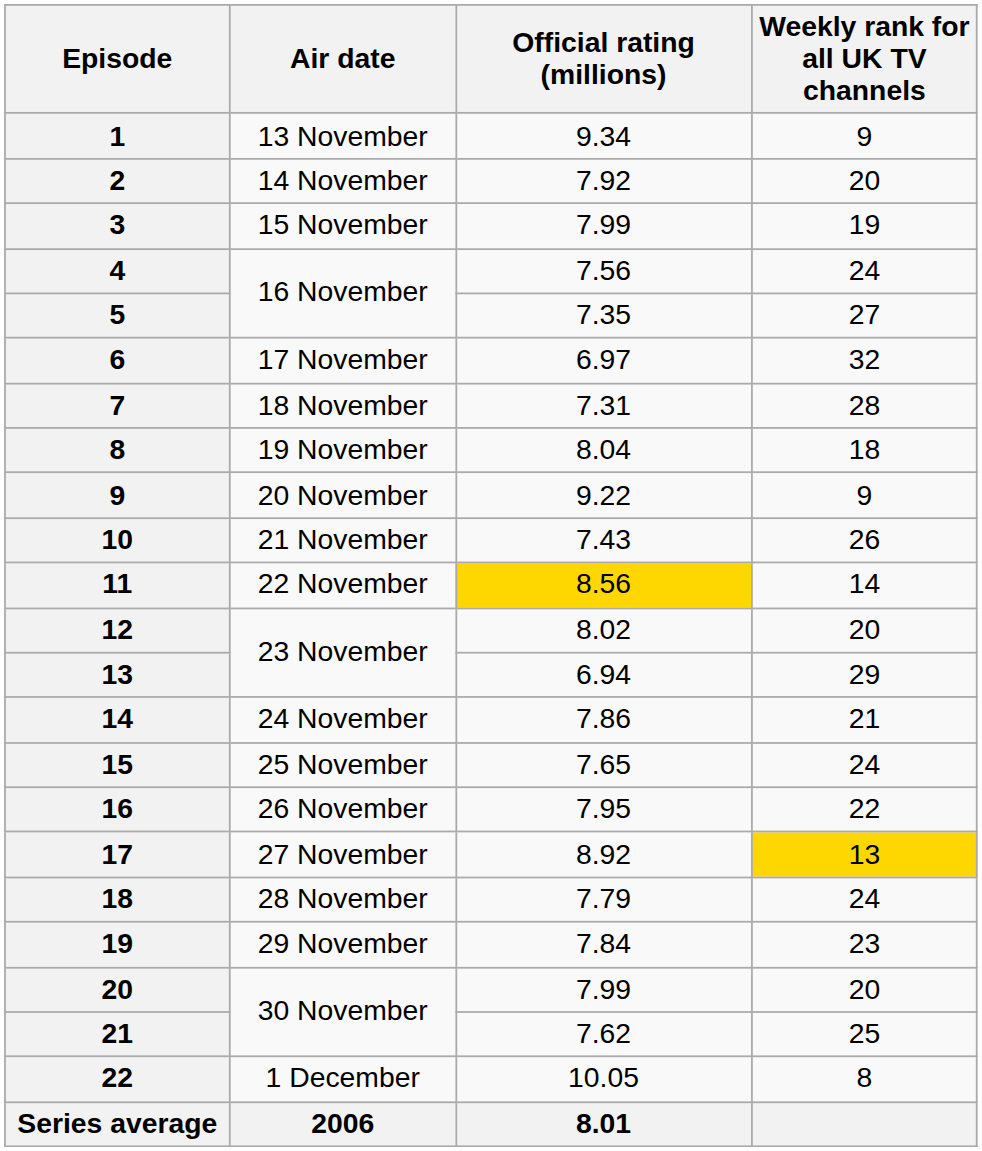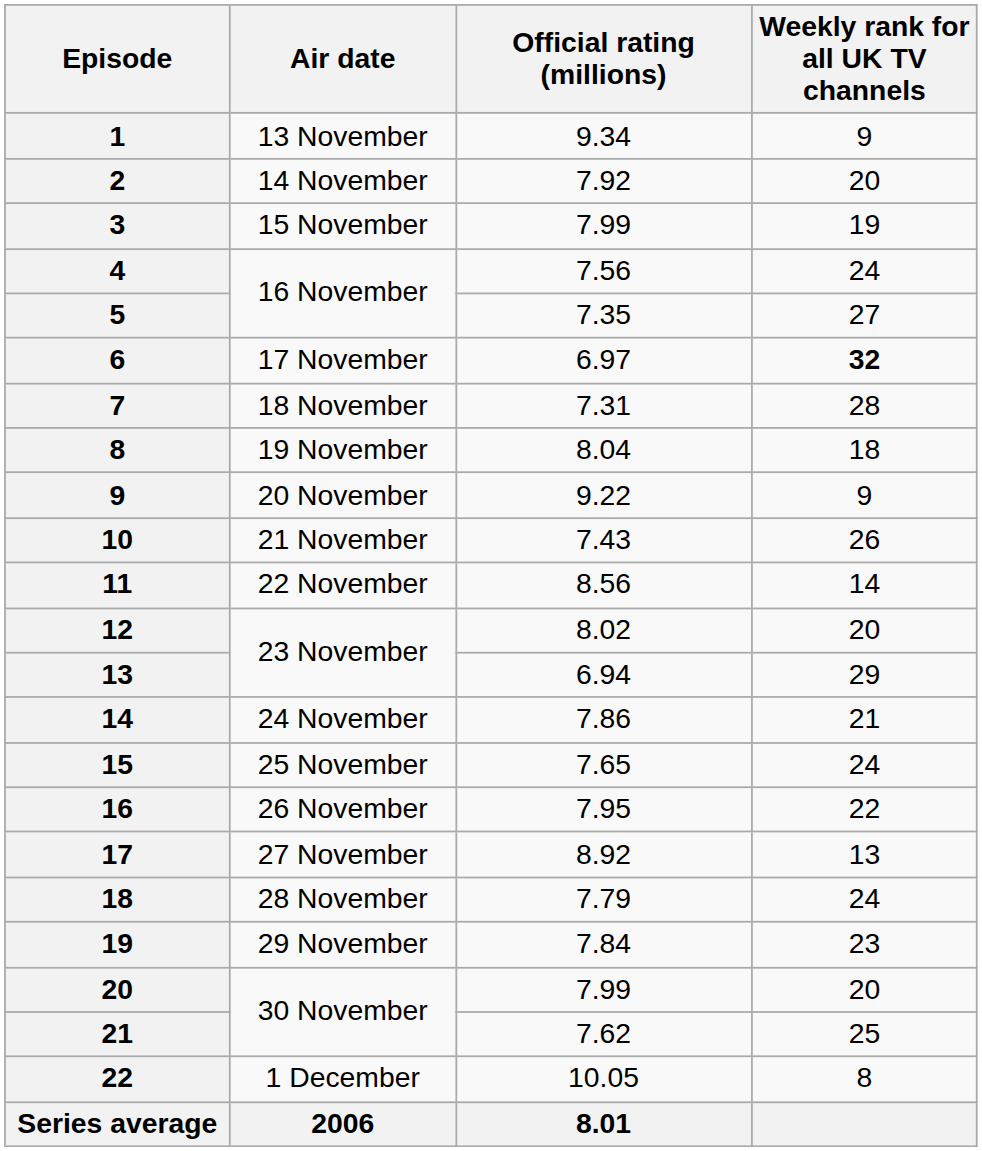 <table class="wikitable" style="text-align:center; margin: 1em auto 1em auto">
 <tr>
 <th scope="col" style="width:120px;">Episode</th>
 <th scope="col" style="width:120px;">Air date</th>
 <th scope="col" style="width:160px;">Official rating <br> (millions)</th>
 <th scope="col" style="width:120px;">Weekly rank for all UK TV channels</th>
 </tr>
 <tr>
 <th>1</th>
 <td>13 November</td>
 <td>9.34</td>
 <td>9</td>
 </tr>
 <tr>
 <th>2</th>
 <td>14 November</td>
 <td>7.92</td>
 <td>20</td>
 </tr>
 <tr>
 <th>3</th>
 <td>15 November</td>
 <td>7.99</td>
 <td>19</td>
 </tr>
 <tr>
 <th>4</th>
 <td rowspan="2">16 November</td>
 <td>7.56</td>
 <td>24</td>
 </tr>
 <tr>
 <th>5</th>
 <td>7.35</td>
 <td>27</td>
 </tr>
 <tr>
 <th>6</th>
 <td>17 November</td>
 <td>6.97</td>
-<td>32</td>
+<td><strong>32</strong></td>
 </tr>
 <tr>
 <th>7</th>
 <td>18 November</td>
 <td>7.31</td>
 <td>28</td>
 </tr>
 <tr>
 <th>8</th>
 <td>19 November</td>
 <td>8.04</td>
 <td>18</td>
 </tr>
 <tr>
 <th>9</th>
 <td>20 November</td>
 <td>9.22</td>
 <td>9</td>
 </tr>
 <tr>
 <th>10</th>
 <td>21 November</td>
 <td>7.43</td>
 <td>26</td>
 </tr>
 <tr>
 <th>11</th>
 <td>22 November</td>
-<td style="background: gold;">8.56</td>
+<td>8.56</td>
 <td>14</td>
 </tr>
 <tr>
 <th>12</th>
 <td rowspan="2">23 November</td>
 <td>8.02</td>
 <td>20</td>
 </tr>
 <tr>
 <th>13</th>
 <td>6.94</td>
 <td>29</td>
 </tr>
 <tr>
 <th>14</th>
 <td>24 November</td>
 <td>7.86</td>
 <td>21</td>
 </tr>
 <tr>
 <th>15</th>
 <td>25 November</td>
 <td>7.65</td>
 <td>24</td>
 </tr>
 <tr>
 <th>16</th>
 <td>26 November</td>
 <td>7.95</td>
 <td>22</td>
 </tr>
 <tr>
 <th>17</th>
 <td>27 November</td>
 <td>8.92</td>
-<td style="background: gold;">13</td>
+<td>13</td>
 </tr>
 <tr>
 <th>18</th>
 <td>28 November</td>
 <td>7.79</td>
 <td>24</td>
 </tr>
 <tr>
 <th>19</th>
 <td>29 November</td>
 <td>7.84</td>
 <td>23</td>
 </tr>
 <tr>
 <th>20</th>
 <td rowspan="2">30 November</td>
 <td>7.99</td>
 <td>20</td>
 </tr>
 <tr>
 <th>21</th>
 <td>7.62</td>
 <td>25</td>
 </tr>
 <tr>
 <th>22</th>
 <td>1 December</td>
 <td>10.05</td>
 <td>8</td>
 </tr>
 <tr>
 <th>Series average</th>
 <th>2006</th>
 <th>8.01</th>
 <th></th>
 </tr>
 <tr>
 </tr>
 </table>
